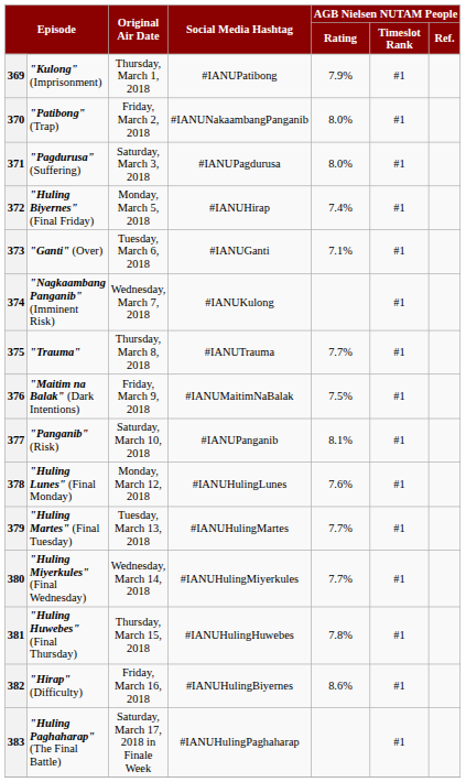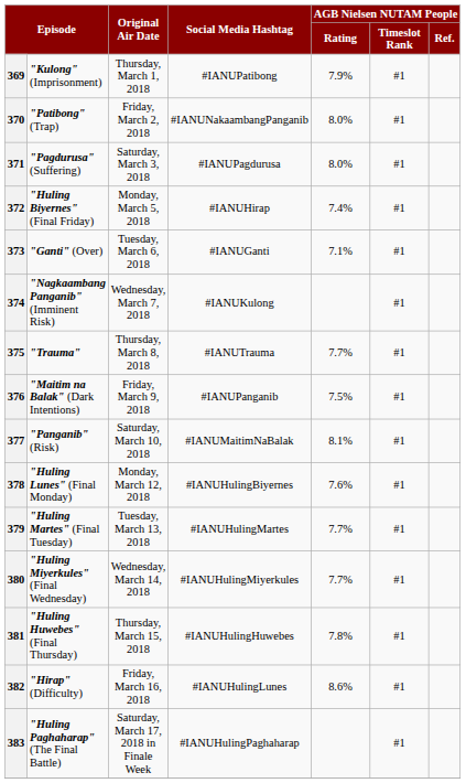 <table class="wikitable" style="text-align:center; font-size:100%; line-height:18px;"  width="100%">
 <tr>
 <th colspan="2" rowspan="2" style="background-color:#8B0000; color:#ffffff;">Episode</th>
 <th style="background:#8B0000; color:white" rowspan="2">Original Air Date</th>
 <th style="background:#8B0000; color:white" rowspan="2">Social Media Hashtag</th>
 <th style="background-color:#8B0000; color:#ffffff;" colspan="3">AGB Nielsen NUTAM People</th>
 </tr>
 <tr>
 <th style="background-color:#8B0000; width:75px; color:#ffffff;">Rating</th>
 <th style="background-color:#8B0000; width:75px; color:#ffffff;">Timeslot<br>Rank</th>
 <th style="background-color:#8B0000; color:#ffffff;">Ref.</th>
 </tr>
 <tr>
 <th>369</th>
 <td style="text-align: left;"><strong><em>"Kulong"</em></strong> (Imprisonment)</td>
 <td>Thursday, March 1, 2018</td>
 <td>#IANUPatibong</td>
 <td>7.9%</td>
 <td>#1</td>
 <td></td>
 </tr>
 <tr>
 <th>370</th>
 <td style="text-align: left;"><strong><em>"Patibong"</em></strong> (Trap)</td>
 <td>Friday, March 2, 2018</td>
 <td>#IANUNakaambangPanganib</td>
 <td>8.0%</td>
 <td>#1</td>
 <td></td>
 </tr>
 <tr>
 <th>371</th>
 <td style="text-align: left;"><strong><em>"Pagdurusa"</em></strong> (Suffering)</td>
 <td>Saturday, March 3, 2018</td>
 <td>#IANUPagdurusa</td>
 <td>8.0%</td>
 <td>#1</td>
 <td></td>
 </tr>
 <tr>
 <th>372</th>
 <td style="text-align: left;"><strong><em>"Huling Biyernes"</em></strong> (Final Friday)</td>
 <td>Monday, March 5, 2018</td>
 <td>#IANUHirap</td>
 <td>7.4%</td>
 <td>#1</td>
 <td></td>
 </tr>
 <tr>
 <th>373</th>
 <td style="text-align: left;"><strong><em>"Ganti"</em></strong> (Over)</td>
 <td>Tuesday, March 6, 2018</td>
 <td>#IANUGanti</td>
 <td>7.1%</td>
 <td>#1</td>
 <td></td>
 </tr>
 <tr>
 <th>374</th>
 <td style="text-align: left;"><strong><em>"Nagkaambang Panganib"</em></strong> (Imminent Risk)</td>
 <td>Wednesday, March 7, 2018</td>
 <td>#IANUKulong</td>
 <td></td>
 <td>#1</td>
 <td></td>
 </tr>
 <tr>
 <th>375</th>
 <td style="text-align: left;"><strong><em>"Trauma"</em></strong></td>
 <td>Thursday, March 8, 2018</td>
 <td>#IANUTrauma</td>
 <td>7.7%</td>
 <td>#1</td>
 <td></td>
 </tr>
 <tr>
 <th>376</th>
 <td style="text-align: left;"><strong><em>"Maitim na Balak"</em></strong> (Dark Intentions)</td>
 <td>Friday, March 9, 2018</td>
-<td>#IANUMaitimNaBalak</td>
+<td>#IANUPanganib</td>
 <td>7.5%</td>
 <td>#1</td>
 <td></td>
 </tr>
 <tr>
 <th>377</th>
 <td style="text-align: left;"><strong><em>"Panganib"</em></strong> (Risk)</td>
 <td>Saturday, March 10, 2018</td>
-<td>#IANUPanganib</td>
+<td>#IANUMaitimNaBalak</td>
 <td>8.1%</td>
 <td>#1</td>
 <td></td>
 </tr>
 <tr>
 <th>378</th>
 <td style="text-align: left;"><strong><em>"Huling Lunes"</em></strong> (Final Monday)</td>
 <td>Monday, March 12, 2018</td>
-<td>#IANUHulingLunes</td>
+<td>#IANUHulingBiyernes</td>
 <td>7.6%</td>
 <td>#1</td>
 <td></td>
 </tr>
 <tr>
 <th>379</th>
 <td style="text-align: left;"><strong><em>"Huling Martes"</em></strong> (Final Tuesday)</td>
 <td>Tuesday, March 13, 2018</td>
 <td>#IANUHulingMartes</td>
 <td>7.7%</td>
 <td>#1</td>
 <td></td>
 </tr>
 <tr>
 <th>380</th>
 <td style="text-align: left;"><strong><em>"Huling Miyerkules"</em></strong> (Final Wednesday)</td>
 <td>Wednesday, March 14, 2018</td>
 <td>#IANUHulingMiyerkules</td>
 <td>7.7%</td>
 <td>#1</td>
 <td></td>
 </tr>
 <tr>
 <th>381</th>
 <td style="text-align: left;"><strong><em>"Huling Huwebes"</em></strong> (Final Thursday)</td>
 <td>Thursday, March 15, 2018</td>
 <td>#IANUHulingHuwebes</td>
 <td>7.8%</td>
 <td>#1</td>
 <td></td>
 </tr>
 <tr>
 <th>382</th>
 <td style="text-align: left;"><strong><em>"Hirap"</em></strong> (Difficulty)</td>
 <td>Friday, March 16, 2018</td>
-<td>#IANUHulingBiyernes</td>
+<td>#IANUHulingLunes</td>
 <td>8.6%</td>
 <td>#1</td>
 <td></td>
 </tr>
 <tr>
 <th>383</th>
 <td style="text-align: left;"><strong><em>"Huling Paghaharap"</em></strong> (The Final Battle)</td>
 <td>Saturday, March 17, 2018 in Finale Week</td>
 <td>#IANUHulingPaghaharap</td>
 <td></td>
 <td>#1</td>
 <td></td>
 </tr>
 <tr>
 </tr>
 </table>
